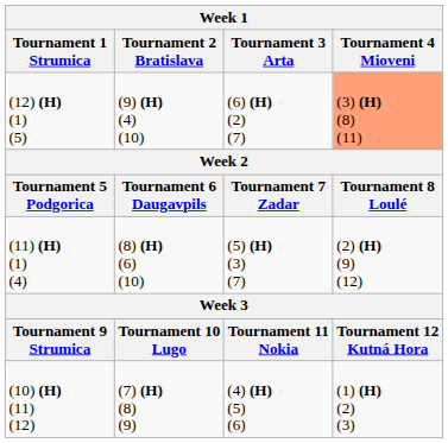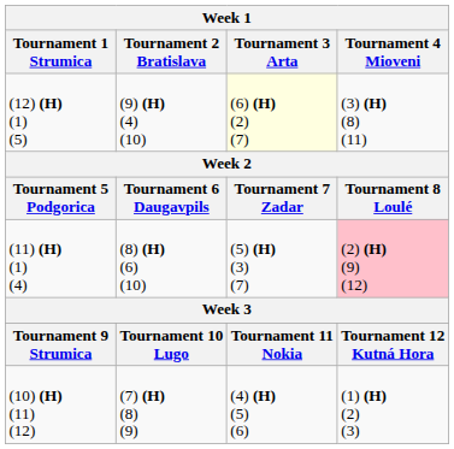 <table class="wikitable">
 <tr>
 <th colspan="4">Week 1</th>
 </tr>
 <tr>
 <th width=25%>Tournament 1<br> <a href='#'>Strumica</a></th>
 <th width=25%>Tournament 2<br> <a href='#'>Bratislava</a></th>
 <th width=25%>Tournament 3<br> <a href='#'>Arta</a></th>
 <th width=25%>Tournament 4<br> <a href='#'>Mioveni</a></th>
 </tr>
 <tr>
 <td><br> (12) <strong>(H)</strong><br>  (1)<br>  (5)</td>
 <td><br> (9) <strong>(H)</strong><br>  (4)<br>  (10)</td>
-<td><br> (6) <strong>(H)</strong><br>  (2)<br>  (7)</td>
-<td style="background: lightsalmon;"><br> (3) <strong>(H)</strong><br>  (8)<br>  (11)</td>
+<td style="background: lightyellow;"><br> (6) <strong>(H)</strong><br>  (2)<br>  (7)</td>
+<td><br> (3) <strong>(H)</strong><br>  (8)<br>  (11)</td>
 </tr>
 <tr>
 <th colspan="4">Week 2</th>
 </tr>
 <tr>
 <th>Tournament 5<br> <a href='#'>Podgorica</a></th>
 <th>Tournament 6<br> <a href='#'>Daugavpils</a></th>
 <th>Tournament 7<br> <a href='#'>Zadar</a></th>
 <th>Tournament 8<br> <a href='#'>Loulé</a></th>
 </tr>
 <tr>
 <td><br> (11) <strong>(H)</strong><br>  (1)<br>  (4)</td>
 <td><br> (8) <strong>(H)</strong><br>  (6)<br>  (10)</td>
 <td><br> (5) <strong>(H)</strong><br>  (3)<br>  (7)</td>
-<td><br> (2) <strong>(H)</strong><br>  (9)<br>  (12)</td>
+<td style="background: pink;"><br> (2) <strong>(H)</strong><br>  (9)<br>  (12)</td>
 </tr>
 <tr>
 <th colspan="4">Week 3</th>
 </tr>
 <tr>
 <th>Tournament 9<br> <a href='#'>Strumica</a></th>
 <th>Tournament 10<br> <a href='#'>Lugo</a></th>
 <th>Tournament 11<br> <a href='#'>Nokia</a></th>
 <th>Tournament 12<br> <a href='#'>Kutná Hora</a></th>
 </tr>
 <tr>
 <td><br> (10) <strong>(H)</strong><br>  (11)<br>  (12)</td>
 <td><br> (7) <strong>(H)</strong><br>  (8)<br>  (9)</td>
 <td><br> (4) <strong>(H)</strong><br>  (5)<br>  (6)</td>
 <td><br> (1) <strong>(H)</strong><br>  (2)<br>  (3)</td>
 </tr>
 </table>
